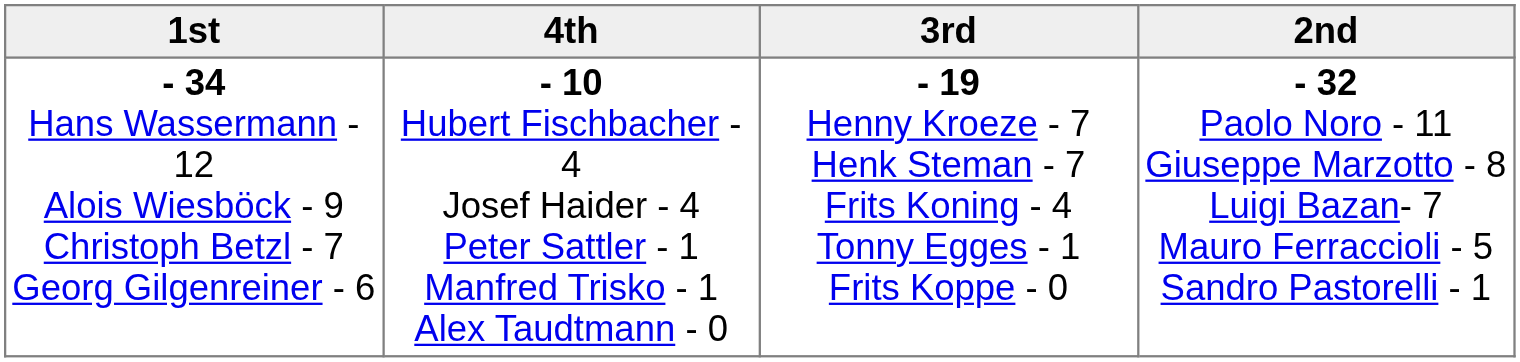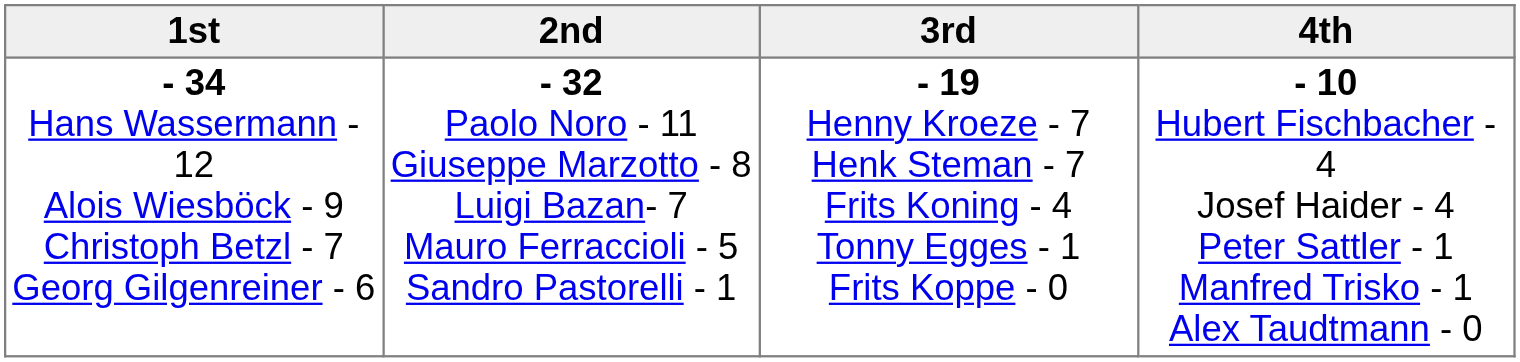 <table border=1 cellpadding=2 cellspacing=0 width=75% style="border-collapse:collapse">
 <tr align=center style="background:#efefef;">
 <th width=20% >1st</th>
+<th width=20% >2nd</th>
+<th width=20% >3rd</th>
 <th width=20%>4th</th>
-<th width=20% >3rd</th>
-<th width=20% >2nd</th>
 </tr>
 <tr align=center>
 <td valign=top ><strong> - 34</strong><br><a href='#'>Hans Wassermann</a> - 12<br><a href='#'>Alois Wiesböck</a> - 9<br><a href='#'>Christoph Betzl</a> - 7<br><a href='#'>Georg Gilgenreiner</a> - 6</td>
+<td valign=top ><strong> - 32</strong><br><a href='#'>Paolo Noro</a> - 11<br><a href='#'>Giuseppe Marzotto</a> - 8<br><a href='#'>Luigi Bazan</a>- 7<br><a href='#'>Mauro Ferraccioli</a> - 5<br><a href='#'>Sandro Pastorelli</a> - 1</td>
+<td valign=top ><strong> - 19</strong><br><a href='#'>Henny Kroeze</a> - 7<br><a href='#'>Henk Steman</a> - 7<br><a href='#'>Frits Koning</a> - 4<br><a href='#'>Tonny Egges</a> - 1<br><a href='#'>Frits Koppe</a> - 0</td>
 <td valign=top><strong> - 10</strong><br><a href='#'>Hubert Fischbacher</a> - 4<br>Josef Haider - 4<br><a href='#'>Peter Sattler</a> - 1<br><a href='#'>Manfred Trisko</a> - 1<br><a href='#'>Alex Taudtmann</a> - 0</td>
-<td valign=top ><strong> - 19</strong><br><a href='#'>Henny Kroeze</a> - 7<br><a href='#'>Henk Steman</a> - 7<br><a href='#'>Frits Koning</a> - 4<br><a href='#'>Tonny Egges</a> - 1<br><a href='#'>Frits Koppe</a> - 0</td>
-<td valign=top ><strong> - 32</strong><br><a href='#'>Paolo Noro</a> - 11<br><a href='#'>Giuseppe Marzotto</a> - 8<br><a href='#'>Luigi Bazan</a>- 7<br><a href='#'>Mauro Ferraccioli</a> - 5<br><a href='#'>Sandro Pastorelli</a> - 1</td>
 </tr>
 </table>
